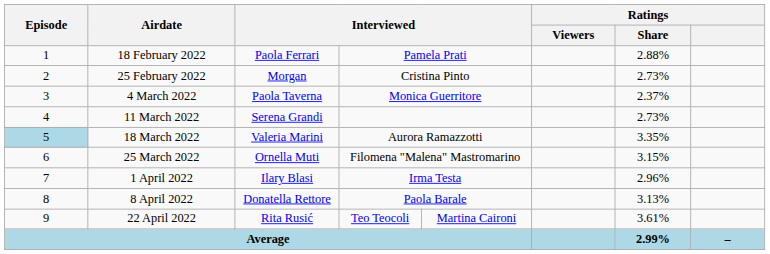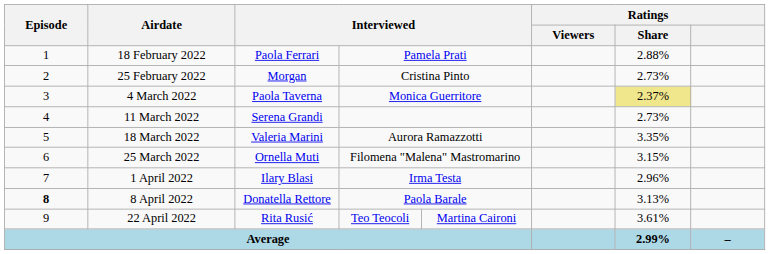 <table class="wikitable" style="font-size:90%; width:70%; text-align:center">
 <tr>
 <th rowspan="2" style="width:5%;">Episode</th>
 <th rowspan="2" style="width:10%;">Airdate</th>
 <th rowspan="2" colspan="4" style="width:20%;">Interviewed</th>
 <th colspan="3">Ratings</th>
 </tr>
 <tr>
 <th style="width:5%;">Viewers</th>
 <th style="width:5%;">Share</th>
 <th style="width:5%;"></th>
 </tr>
 <tr>
 <td>1</td>
 <td>18 February 2022</td>
 <td colspan="2"><a href='#'>Paola Ferrari</a></td>
 <td colspan="2"><a href='#'>Pamela Prati</a></td>
 <td></td>
 <td>2.88%</td>
 <td></td>
 </tr>
 <tr>
 <td>2</td>
 <td>25 February 2022</td>
 <td colspan="2"><a href='#'>Morgan</a></td>
 <td colspan="2">Cristina Pinto</td>
 <td></td>
 <td>2.73%</td>
 <td></td>
 </tr>
 <tr>
 <td>3</td>
 <td>4 March 2022</td>
 <td colspan="2"><a href='#'>Paola Taverna</a></td>
 <td colspan="2"><a href='#'>Monica Guerritore</a></td>
 <td></td>
-<td>2.37%</td>
+<td style="background: khaki;">2.37%</td>
 <td></td>
 </tr>
 <tr>
 <td>4</td>
 <td>11 March 2022</td>
 <td colspan="2"><a href='#'>Serena Grandi</a></td>
 <td colspan="2"></td>
 <td></td>
 <td>2.73%</td>
 <td></td>
 </tr>
 <tr>
-<td style="background: lightblue;">5</td>
+<td>5</td>
 <td>18 March 2022</td>
 <td colspan="2"><a href='#'>Valeria Marini</a></td>
 <td colspan="2">Aurora Ramazzotti</td>
 <td></td>
 <td>3.35%</td>
 <td></td>
 </tr>
 <tr>
 <td>6</td>
 <td>25 March 2022</td>
 <td colspan="2"><a href='#'>Ornella Muti</a></td>
 <td colspan="2">Filomena "Malena" Mastromarino</td>
 <td></td>
 <td>3.15%</td>
 <td></td>
 </tr>
 <tr>
 <td>7</td>
 <td>1 April 2022</td>
 <td colspan="2"><a href='#'>Ilary Blasi</a></td>
 <td colspan="2"><a href='#'>Irma Testa</a></td>
 <td></td>
 <td>2.96%</td>
 <td></td>
 </tr>
 <tr>
-<td>8</td>
+<td><strong>8</strong></td>
 <td>8 April 2022</td>
 <td colspan="2"><a href='#'>Donatella Rettore</a></td>
 <td colspan="2"><a href='#'>Paola Barale</a></td>
 <td></td>
 <td>3.13%</td>
 <td></td>
 </tr>
 <tr>
 <td>9</td>
 <td>22 April 2022</td>
 <td colspan="2"><a href='#'>Rita Rusić</a></td>
 <td><a href='#'>Teo Teocoli</a></td>
 <td><a href='#'>Martina Caironi</a></td>
 <td></td>
 <td>3.61%</td>
 <td></td>
 </tr>
 <tr>
 <td colspan="6" style="background:lightblue"><strong>Average</strong></td>
 <td style="background:lightblue"><strong></strong></td>
 <td style="background:lightblue"><strong>2.99%</strong></td>
 <td style="background:lightblue"><strong>–</strong></td>
 </tr>
 </table>
